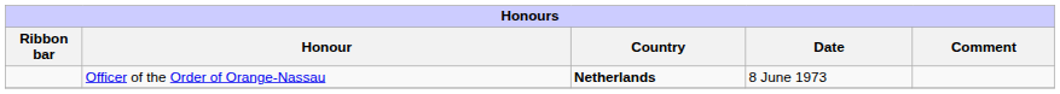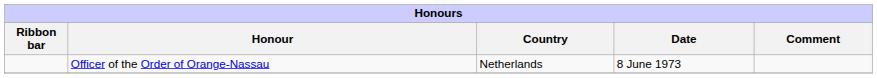 <table class="wikitable" style="width:60%;">
 <tr style="background:#ccf; text-align:center;">
 <td colspan=5><strong>Honours</strong></td>
 </tr>
 <tr>
 <th style="width:80px;">Ribbon bar</th>
 <th>Honour</th>
 <th>Country</th>
 <th>Date</th>
 <th>Comment</th>
 </tr>
 <tr>
 <td></td>
 <td><a href='#'>Officer</a> of the <a href='#'>Order of Orange-Nassau</a></td>
-<td><strong>Netherlands</strong></td>
+<td>Netherlands</td>
 <td>8 June 1973</td>
 <td></td>
 </tr>
 <tr>
 </tr>
 </table>
